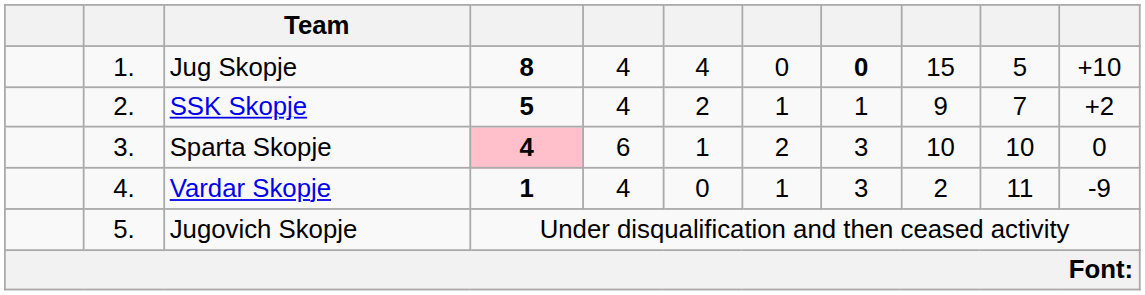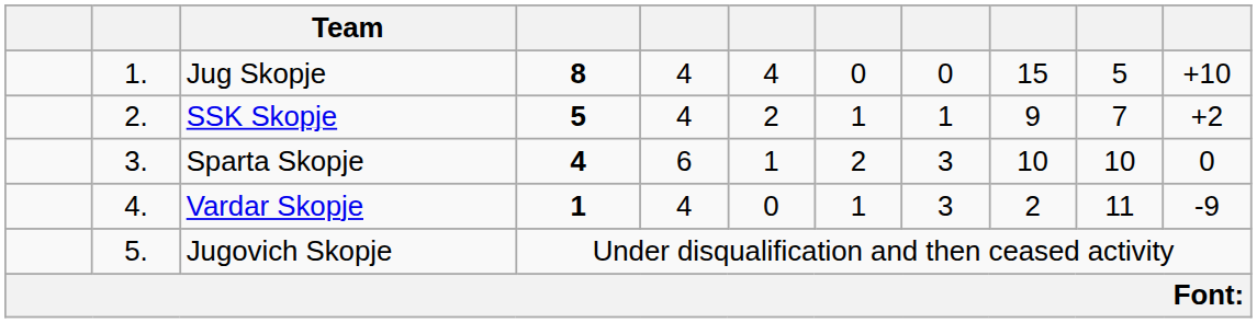 <table class="wikitable sortable" style="text-align: center; font-size: 90%;">
 <tr>
 <th width=7%></th>
 <th width=7%></th>
 <th width=27%>Team</th>
 <th width=10%></th>
 <th width=7%></th>
 <th width=7%></th>
 <th width=7%></th>
 <th width=7%></th>
 <th width=7%></th>
 <th width=7%></th>
 <th width=7%></th>
 </tr>
 <tr>
 <td></td>
 <td>1.</td>
 <td style="text-align:left;">Jug Skopje</td>
 <td><strong>8</strong></td>
 <td>4</td>
 <td>4</td>
 <td>0</td>
-<td><strong>0</strong></td>
+<td>0</td>
 <td>15</td>
 <td>5</td>
 <td>+10</td>
 </tr>
 <tr>
 <td></td>
 <td>2.</td>
 <td style="text-align:left;"><a href='#'> SSK Skopje</a></td>
 <td><strong>5</strong></td>
 <td>4</td>
 <td>2</td>
 <td>1</td>
 <td>1</td>
 <td>9</td>
 <td>7</td>
 <td>+2</td>
 </tr>
 <tr>
 <td></td>
 <td>3.</td>
 <td style="text-align:left;">Sparta Skopje</td>
-<td style="background: pink;"><strong>4</strong></td>
+<td><strong>4</strong></td>
 <td>6</td>
 <td>1</td>
 <td>2</td>
 <td>3</td>
 <td>10</td>
 <td>10</td>
 <td>0</td>
 </tr>
 <tr>
 <td></td>
 <td>4.</td>
 <td style="text-align:left;"><a href='#'> Vardar Skopje</a></td>
 <td><strong>1</strong></td>
 <td>4</td>
 <td>0</td>
 <td>1</td>
 <td>3</td>
 <td>2</td>
 <td>11</td>
 <td>-9</td>
 </tr>
 <tr>
 <td></td>
 <td>5.</td>
 <td style="text-align:left;">Jugovich Skopje</td>
 <td colspan="8">Under disqualification and then ceased activity</td>
 </tr>
 <tr>
 <th colspan="11" style="text-align: right;">Font: </th>
 </tr>
 </table>
